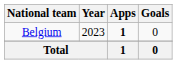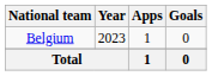 <table class=wikitable style=text-align:center>
 <tr>
 <th>National team</th>
 <th>Year</th>
 <th>Apps</th>
 <th>Goals</th>
 </tr>
 <tr>
 <td><a href='#'>Belgium</a></td>
 <td>2023</td>
-<td><strong>1</strong></td>
+<td>1</td>
 <td>0</td>
 </tr>
 <tr>
 </tr>
 <tr>
 <th colspan=2>Total</th>
 <th>1</th>
 <th>0</th>
 </tr>
 </table>
